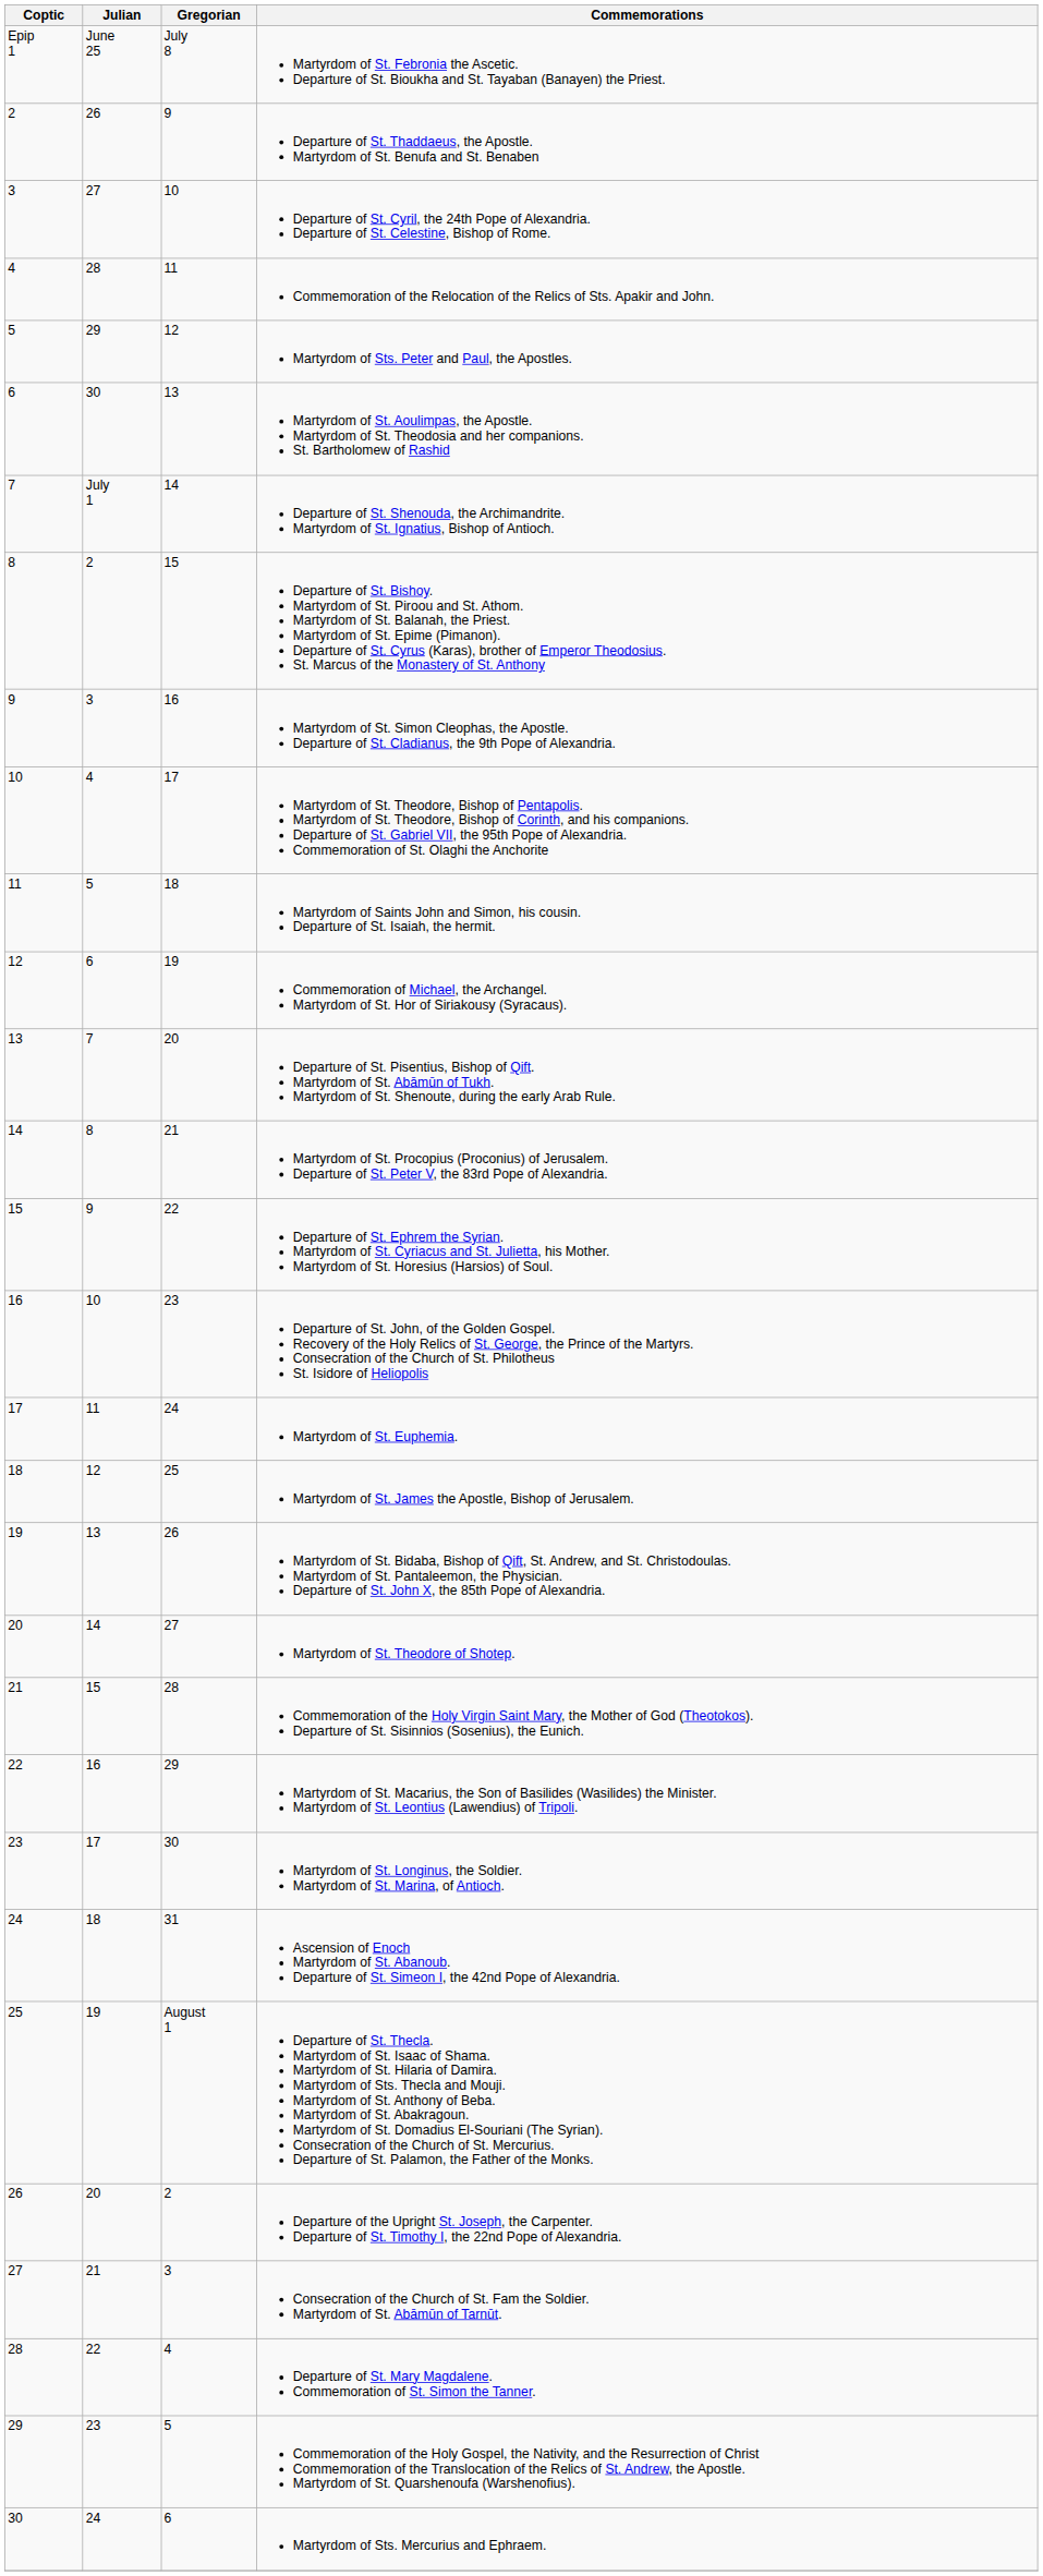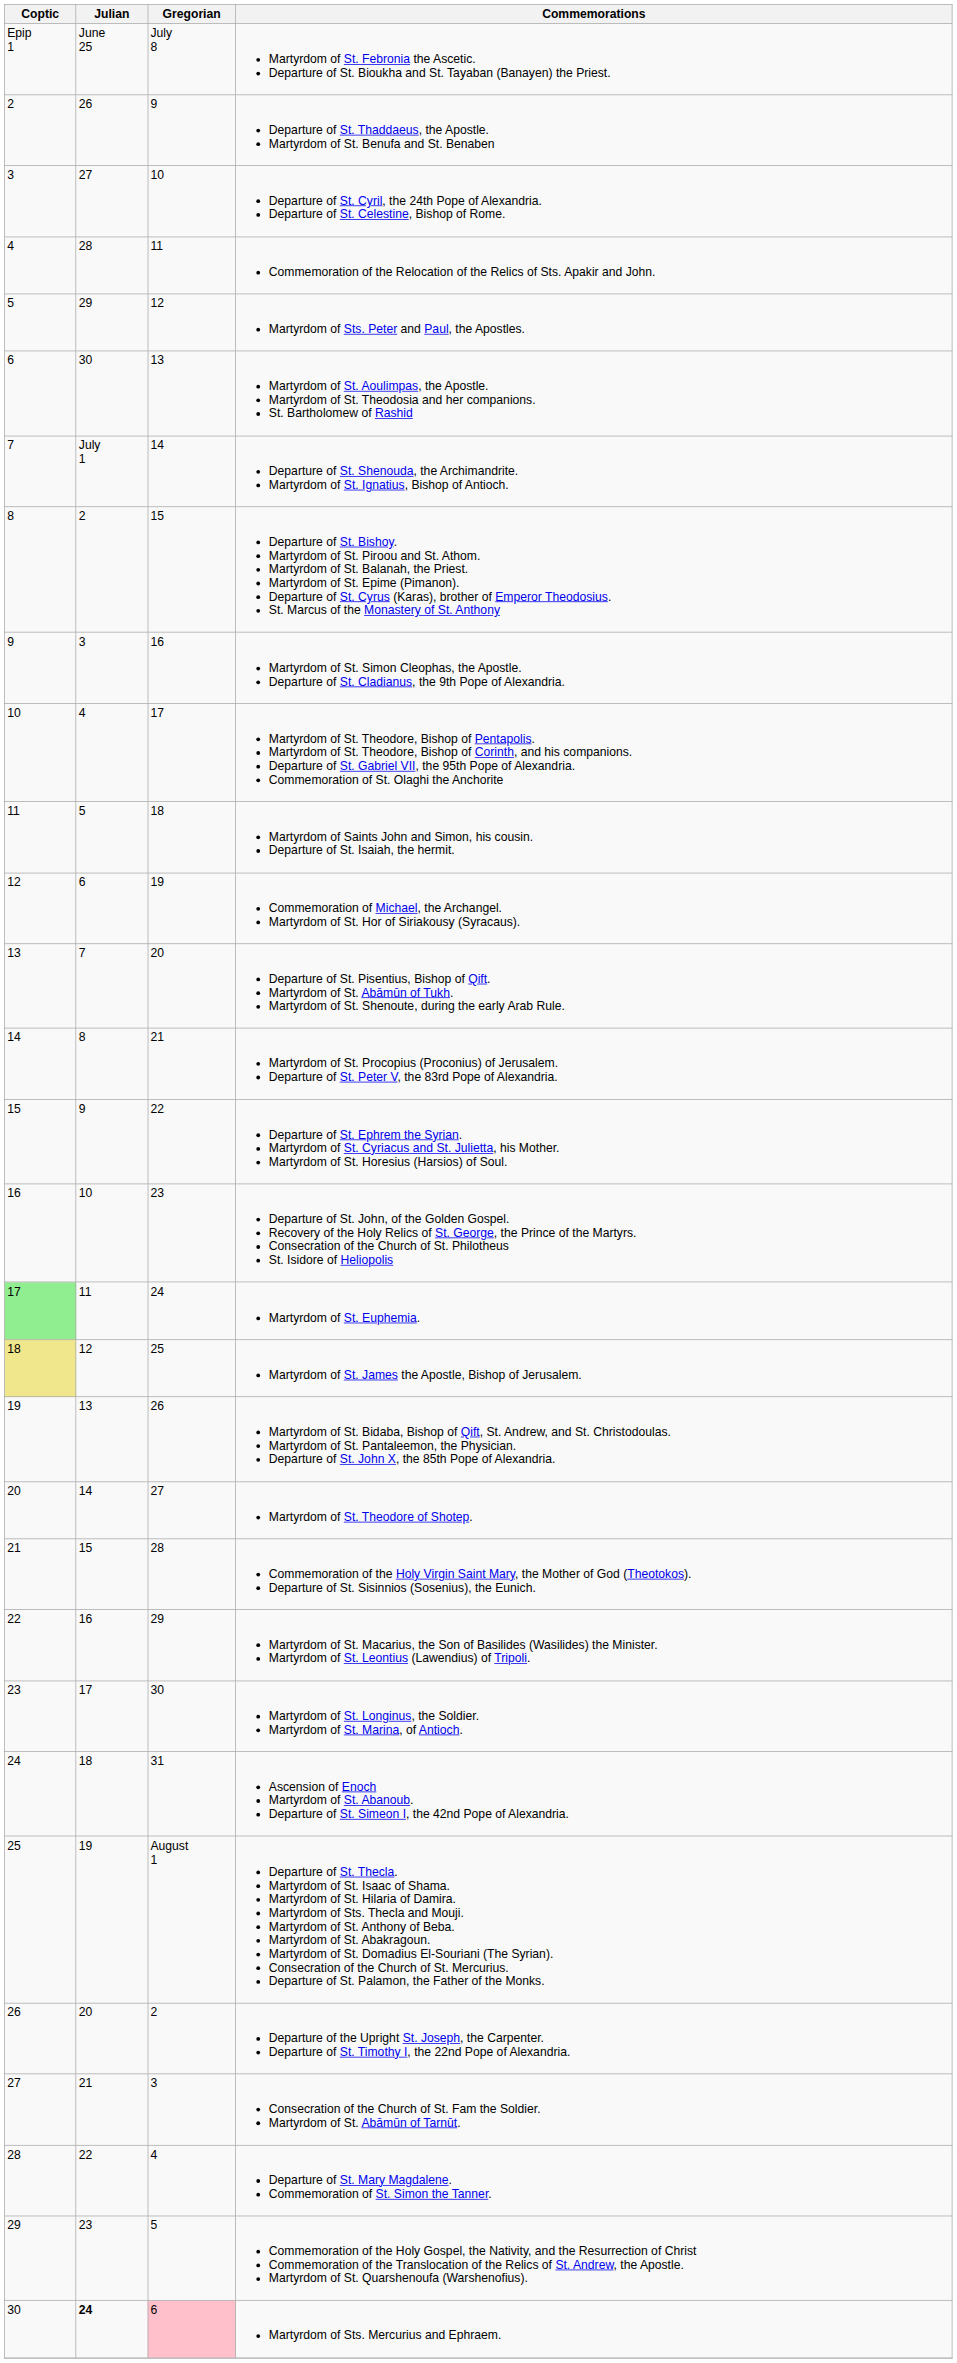 <table class="wikitable">
 <tr>
 <th style="width:5%;">Coptic</th>
 <th style="width:5%;">Julian</th>
 <th style="width:5%;">Gregorian</th>
 <th style="width:50%;">Commemorations</th>
 </tr>
 <tr valign="top">
 <td>Epip<br>1</td>
 <td>June<br>25</td>
 <td>July<br>8</td>
 <td><br><ul><li>Martyrdom of <a href='#'>St. Febronia</a> the Ascetic.</li><li>Departure of St. Bioukha and St. Tayaban (Banayen) the Priest.</li></ul></td>
 </tr>
 <tr valign="top">
 <td>2</td>
 <td>26</td>
 <td>9</td>
 <td><br><ul><li>Departure of <a href='#'>St. Thaddaeus</a>, the Apostle.</li><li>Martyrdom of St. Benufa and St. Benaben</li></ul></td>
 </tr>
 <tr valign="top">
 <td>3</td>
 <td>27</td>
 <td>10</td>
 <td><br><ul><li>Departure of <a href='#'>St. Cyril</a>, the 24th Pope of Alexandria.</li><li>Departure of <a href='#'>St. Celestine</a>, Bishop of Rome.</li></ul></td>
 </tr>
 <tr valign="top">
 <td>4</td>
 <td>28</td>
 <td>11</td>
 <td><br><ul><li>Commemoration of the Relocation of the Relics of Sts. Apakir and John.</li></ul></td>
 </tr>
 <tr valign="top">
 <td>5</td>
 <td>29</td>
 <td>12</td>
 <td><br><ul><li>Martyrdom of <a href='#'>Sts. Peter</a> and <a href='#'>Paul</a>, the Apostles.</li></ul></td>
 </tr>
 <tr valign="top">
 <td>6</td>
 <td>30</td>
 <td>13</td>
 <td><br><ul><li>Martyrdom of <a href='#'>St. Aoulimpas</a>, the Apostle.</li><li>Martyrdom of St. Theodosia and her companions.</li><li>St. Bartholomew of <a href='#'>Rashid</a></li></ul></td>
 </tr>
 <tr valign="top">
 <td>7</td>
 <td>July<br>1</td>
 <td>14</td>
 <td><br><ul><li>Departure of <a href='#'>St. Shenouda</a>, the Archimandrite.</li><li>Martyrdom of <a href='#'>St. Ignatius</a>, Bishop of Antioch.</li></ul></td>
 </tr>
 <tr valign="top">
 <td>8</td>
 <td>2</td>
 <td>15</td>
 <td><br><ul><li>Departure of <a href='#'>St. Bishoy</a>.</li><li>Martyrdom of St. Piroou and St. Athom.</li><li>Martyrdom of St. Balanah, the Priest.</li><li>Martyrdom of St. Epime (Pimanon).</li><li>Departure of <a href='#'>St. Cyrus</a> (Karas), brother of <a href='#'>Emperor Theodosius</a>.</li><li>St. Marcus of the <a href='#'>Monastery of St. Anthony</a></li></ul></td>
 </tr>
 <tr valign="top">
 <td>9</td>
 <td>3</td>
 <td>16</td>
 <td><br><ul><li>Martyrdom of St. Simon Cleophas, the Apostle.</li><li>Departure of <a href='#'>St. Cladianus</a>, the 9th Pope of Alexandria.</li></ul></td>
 </tr>
 <tr valign="top">
 <td>10</td>
 <td>4</td>
 <td>17</td>
 <td><br><ul><li>Martyrdom of St. Theodore, Bishop of <a href='#'>Pentapolis</a>.</li><li>Martyrdom of St. Theodore, Bishop of <a href='#'>Corinth</a>, and his companions.</li><li>Departure of <a href='#'>St. Gabriel VII</a>, the 95th Pope of Alexandria.</li><li>Commemoration of St. Olaghi the Anchorite</li></ul></td>
 </tr>
 <tr valign="top">
 <td>11</td>
 <td>5</td>
 <td>18</td>
 <td><br><ul><li>Martyrdom of Saints John and Simon, his cousin.</li><li>Departure of St. Isaiah, the hermit.</li></ul></td>
 </tr>
 <tr valign="top">
 <td>12</td>
 <td>6</td>
 <td>19</td>
 <td><br><ul><li>Commemoration of <a href='#'>Michael</a>, the Archangel.</li><li>Martyrdom of St. Hor of Siriakousy (Syracaus).</li></ul></td>
 </tr>
 <tr valign="top">
 <td>13</td>
 <td>7</td>
 <td>20</td>
 <td><br><ul><li>Departure of St. Pisentius, Bishop of <a href='#'>Qift</a>.</li><li>Martyrdom of St. <a href='#'>Abāmūn of Tukh</a>.</li><li>Martyrdom of St. Shenoute, during the early Arab Rule.</li></ul></td>
 </tr>
 <tr valign="top">
 <td>14</td>
 <td>8</td>
 <td>21</td>
 <td><br><ul><li>Martyrdom of St. Procopius (Proconius) of Jerusalem.</li><li>Departure of <a href='#'>St. Peter V</a>, the 83rd Pope of Alexandria.</li></ul></td>
 </tr>
 <tr valign="top">
 <td>15</td>
 <td>9</td>
 <td>22</td>
 <td><br><ul><li>Departure of <a href='#'>St. Ephrem the Syrian</a>.</li><li>Martyrdom of <a href='#'>St. Cyriacus and St. Julietta</a>, his Mother.</li><li>Martyrdom of St. Horesius (Harsios) of Soul.</li></ul></td>
 </tr>
 <tr valign="top">
 <td>16</td>
 <td>10</td>
 <td>23</td>
 <td><br><ul><li>Departure of St. John, of the Golden Gospel.</li><li>Recovery of the Holy Relics of <a href='#'>St. George</a>, the Prince of the Martyrs.</li><li>Consecration of the Church of St. Philotheus</li><li>St. Isidore of <a href='#'>Heliopolis</a></li></ul></td>
 </tr>
 <tr valign="top">
-<td>17</td>
+<td style="background: lightgreen;">17</td>
 <td>11</td>
 <td>24</td>
 <td><br><ul><li>Martyrdom of <a href='#'>St. Euphemia</a>.</li></ul></td>
 </tr>
 <tr valign="top">
-<td>18</td>
+<td style="background: khaki;">18</td>
 <td>12</td>
 <td>25</td>
 <td><br><ul><li>Martyrdom of <a href='#'>St. James</a> the Apostle, Bishop of Jerusalem.</li></ul></td>
 </tr>
 <tr valign="top">
 <td>19</td>
 <td>13</td>
 <td>26</td>
 <td><br><ul><li>Martyrdom of St. Bidaba, Bishop of <a href='#'>Qift</a>, St. Andrew, and St. Christodoulas.</li><li>Martyrdom of St. Pantaleemon, the Physician.</li><li>Departure of <a href='#'>St. John X</a>, the 85th Pope of Alexandria.</li></ul></td>
 </tr>
 <tr valign="top">
 <td>20</td>
 <td>14</td>
 <td>27</td>
 <td><br><ul><li>Martyrdom of <a href='#'>St. Theodore of Shotep</a>.</li></ul></td>
 </tr>
 <tr valign="top">
 <td>21</td>
 <td>15</td>
 <td>28</td>
 <td><br><ul><li>Commemoration of the <a href='#'>Holy Virgin Saint Mary</a>, the Mother of God (<a href='#'>Theotokos</a>).</li><li>Departure of St. Sisinnios (Sosenius), the Eunich.</li></ul></td>
 </tr>
 <tr valign="top">
 <td>22</td>
 <td>16</td>
 <td>29</td>
 <td><br><ul><li>Martyrdom of St. Macarius, the Son of Basilides (Wasilides) the Minister.</li><li>Martyrdom of <a href='#'>St. Leontius</a> (Lawendius) of <a href='#'>Tripoli</a>.</li></ul></td>
 </tr>
 <tr valign="top">
 <td>23</td>
 <td>17</td>
 <td>30</td>
 <td><br><ul><li>Martyrdom of <a href='#'>St. Longinus</a>, the Soldier.</li><li>Martyrdom of <a href='#'>St. Marina</a>, of <a href='#'>Antioch</a>.</li></ul></td>
 </tr>
 <tr valign="top">
 <td>24</td>
 <td>18</td>
 <td>31</td>
 <td><br><ul><li>Ascension of <a href='#'>Enoch</a></li><li>Martyrdom of <a href='#'>St. Abanoub</a>.</li><li>Departure of <a href='#'>St. Simeon I</a>, the 42nd Pope of Alexandria.</li></ul></td>
 </tr>
 <tr valign="top">
 <td>25</td>
 <td>19</td>
 <td>August<br>1</td>
 <td><br><ul><li>Departure of <a href='#'>St. Thecla</a>.</li><li>Martyrdom of St. Isaac of Shama.</li><li>Martyrdom of St. Hilaria of Damira.</li><li>Martyrdom of Sts. Thecla and Mouji.</li><li>Martyrdom of St. Anthony of Beba.</li><li>Martyrdom of St. Abakragoun.</li><li>Martyrdom of St. Domadius El-Souriani (The Syrian).</li><li>Consecration of the Church of St. Mercurius.</li><li>Departure of St. Palamon, the Father of the Monks.</li></ul></td>
 </tr>
 <tr valign="top">
 <td>26</td>
 <td>20</td>
 <td>2</td>
 <td><br><ul><li>Departure of the Upright <a href='#'>St. Joseph</a>, the Carpenter.</li><li>Departure of <a href='#'>St. Timothy I</a>, the 22nd Pope of Alexandria.</li></ul></td>
 </tr>
 <tr valign="top">
 <td>27</td>
 <td>21</td>
 <td>3</td>
 <td><br><ul><li>Consecration of the Church of St. Fam the Soldier.</li><li>Martyrdom of St. <a href='#'>Abāmūn of Tarnūt</a>.</li></ul></td>
 </tr>
 <tr valign="top">
 <td>28</td>
 <td>22</td>
 <td>4</td>
 <td><br><ul><li>Departure of <a href='#'>St. Mary Magdalene</a>.</li><li>Commemoration of <a href='#'>St. Simon the Tanner</a>.</li></ul></td>
 </tr>
 <tr valign="top">
 <td>29</td>
 <td>23</td>
 <td>5</td>
 <td><br><ul><li>Commemoration of the Holy Gospel, the Nativity, and the Resurrection of Christ</li><li>Commemoration of the Translocation of the Relics of <a href='#'>St. Andrew</a>, the Apostle.</li><li>Martyrdom of St. Quarshenoufa (Warshenofius).</li></ul></td>
 </tr>
 <tr valign="top">
 <td>30</td>
-<td>24</td>
-<td>6</td>
+<td><strong>24</strong></td>
+<td style="background: pink;">6</td>
 <td><br><ul><li>Martyrdom of Sts. Mercurius and Ephraem.</li></ul></td>
 </tr>
 <tr valign="top">
 </tr>
 </table>
